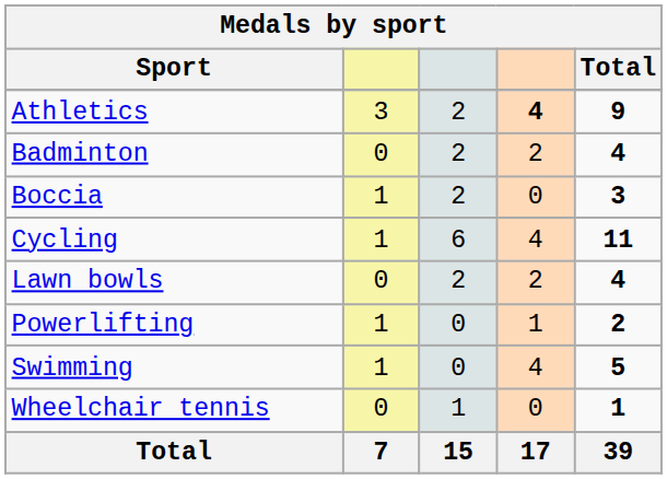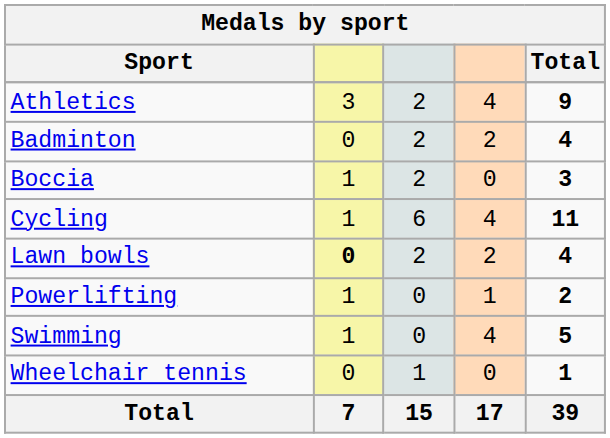 <table class="wikitable sortable" style="font-size:90%;text-align:center">
 <tr>
 <th colspan="7">Medals by sport</th>
 </tr>
 <tr>
 <th width="150">Sport</th>
 <th scope="col" width=30 style="background:#F7F6A8"></th>
 <th scope="col" width=30 style="background:#DCE5E5"></th>
 <th scope="col" width=30 style="background:#FFDAB9"></th>
 <th width="30">Total</th>
 </tr>
 <tr class="sortbottom">
 </tr>
 <tr>
 <td align="left"> <a href='#'>Athletics</a></td>
 <td style="background:#F7F6A8">3</td>
 <td style="background:#DCE5E5">2</td>
-<td style="background:#FFDAB9"><strong>4</strong></td>
+<td style="background:#FFDAB9">4</td>
 <td><strong>9</strong></td>
 </tr>
 <tr>
 <td align="left"> <a href='#'>Badminton</a></td>
 <td style="background:#F7F6A8">0</td>
 <td style="background:#DCE5E5">2</td>
 <td style="background:#FFDAB9">2</td>
 <td><strong>4</strong></td>
 </tr>
 <tr>
 <td align="left"> <a href='#'>Boccia</a></td>
 <td style="background:#F7F6A8">1</td>
 <td style="background:#DCE5E5">2</td>
 <td style="background:#FFDAB9">0</td>
 <td><strong>3</strong></td>
 </tr>
 <tr>
 <td align="left"> <a href='#'>Cycling</a></td>
 <td style="background:#F7F6A8">1</td>
 <td style="background:#DCE5E5">6</td>
 <td style="background:#FFDAB9">4</td>
 <td><strong>11</strong></td>
 </tr>
 <tr>
 <td align="left"> <a href='#'>Lawn bowls</a></td>
-<td style="background:#F7F6A8">0</td>
+<td style="background:#F7F6A8"><strong>0</strong></td>
 <td style="background:#DCE5E5">2</td>
 <td style="background:#FFDAB9">2</td>
 <td><strong>4</strong></td>
 </tr>
 <tr>
 <td align="left"> <a href='#'>Powerlifting</a></td>
 <td style="background:#F7F6A8">1</td>
 <td style="background:#DCE5E5">0</td>
 <td style="background:#FFDAB9">1</td>
 <td><strong>2</strong></td>
 </tr>
 <tr>
 <td align="left"> <a href='#'>Swimming</a></td>
 <td style="background:#F7F6A8">1</td>
 <td style="background:#DCE5E5">0</td>
 <td style="background:#FFDAB9">4</td>
 <td><strong>5</strong></td>
 </tr>
 <tr>
 <td align="left"> <a href='#'>Wheelchair tennis</a></td>
 <td style="background:#F7F6A8">0</td>
 <td style="background:#DCE5E5">1</td>
 <td style="background:#FFDAB9">0</td>
 <td><strong>1</strong></td>
 </tr>
 <tr>
 <th>Total</th>
 <th>7</th>
 <th>15</th>
 <th>17</th>
 <th>39</th>
 </tr>
 </table>
